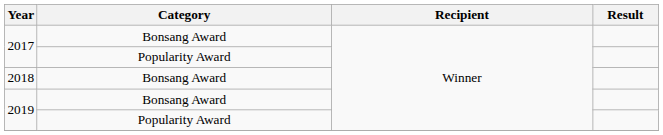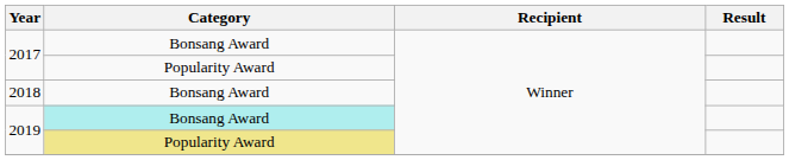 <table class="wikitable" style="text-align:center">
 <tr>
 <th width="5%">Year</th>
 <th width="45%">Category</th>
 <th width="40%">Recipient</th>
 <th width="10%">Result</th>
 </tr>
 <tr>
 <td rowspan='2'>2017</td>
 <td>Bonsang Award</td>
 <td rowspan='5'>Winner</td>
 <td></td>
 </tr>
 <tr>
 <td>Popularity Award</td>
 <td></td>
 </tr>
 <tr>
 <td rowspan='1'>2018</td>
 <td>Bonsang Award</td>
 <td></td>
 </tr>
 <tr>
 <td rowspan='2'>2019</td>
-<td>Bonsang Award</td>
+<td style="background: paleturquoise;">Bonsang Award</td>
 <td></td>
 </tr>
 <tr>
-<td>Popularity Award</td>
+<td style="background: khaki;">Popularity Award</td>
 <td></td>
 </tr>
 <tr>
 </tr>
 </table>
